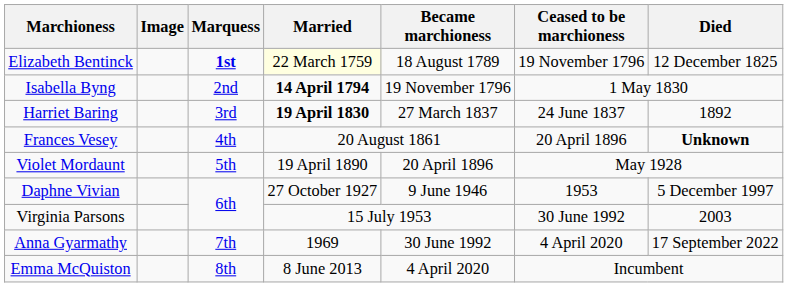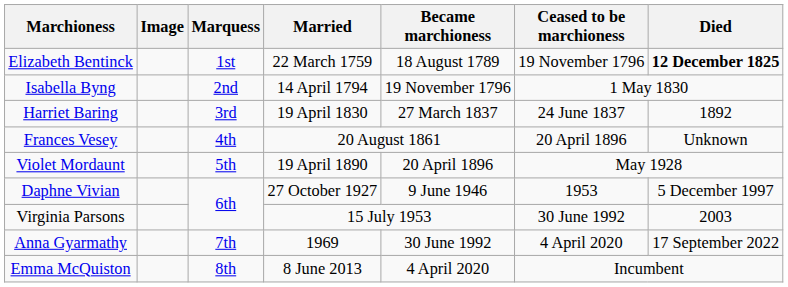 <table class="wikitable" style="text-align:center">
 <tr>
 <th>Marchioness</th>
 <th>Image</th>
 <th>Marquess</th>
 <th>Married</th>
 <th>Became<br>marchioness</th>
 <th>Ceased to be<br>marchioness</th>
 <th>Died</th>
 </tr>
 <tr>
 <td><a href='#'>Elizabeth Bentinck</a></td>
 <td></td>
-<td><strong><a href='#'>1st</a></strong></td>
-<td style="background: lightyellow;">22 March 1759</td>
+<td><a href='#'>1st</a></td>
+<td>22 March 1759</td>
 <td>18 August 1789</td>
 <td>19 November 1796</td>
-<td>12 December 1825</td>
+<td><strong>12 December 1825</strong></td>
 </tr>
 <tr>
 <td><a href='#'>Isabella Byng</a></td>
 <td></td>
 <td><a href='#'>2nd</a></td>
-<td><strong>14 April 1794</strong></td>
+<td>14 April 1794</td>
 <td>19 November 1796</td>
 <td colspan=2>1 May 1830</td>
 </tr>
 <tr>
 <td><a href='#'>Harriet Baring</a></td>
 <td></td>
 <td><a href='#'>3rd</a></td>
-<td><strong>19 April 1830</strong></td>
+<td>19 April 1830</td>
 <td>27 March 1837</td>
 <td>24 June 1837</td>
 <td>1892</td>
 </tr>
 <tr>
 <td><a href='#'>Frances Vesey</a></td>
 <td></td>
 <td><a href='#'>4th</a></td>
 <td colspan=2>20 August 1861</td>
 <td>20 April 1896</td>
-<td><strong>Unknown</strong></td>
+<td>Unknown</td>
 </tr>
 <tr>
 <td><a href='#'>Violet Mordaunt</a></td>
 <td></td>
 <td><a href='#'>5th</a></td>
 <td>19 April 1890</td>
 <td>20 April 1896</td>
 <td colspan=2>May 1928</td>
 </tr>
 <tr>
 <td><a href='#'>Daphne Vivian</a></td>
 <td></td>
 <td rowspan=2><a href='#'>6th</a></td>
 <td>27 October 1927</td>
 <td>9 June 1946</td>
 <td>1953</td>
 <td>5 December 1997</td>
 </tr>
 <tr>
 <td>Virginia Parsons</td>
 <td></td>
 <td colspan=2>15 July 1953</td>
 <td>30 June 1992</td>
 <td>2003</td>
 </tr>
 <tr>
 <td><a href='#'>Anna Gyarmathy</a></td>
 <td></td>
 <td><a href='#'>7th</a></td>
 <td>1969</td>
 <td>30 June 1992</td>
 <td>4 April 2020</td>
 <td>17 September 2022</td>
 </tr>
 <tr>
 <td><a href='#'>Emma McQuiston</a></td>
 <td></td>
 <td><a href='#'>8th</a></td>
 <td>8 June 2013</td>
 <td>4 April 2020</td>
 <td colspan=2>Incumbent</td>
 </tr>
 </table>
